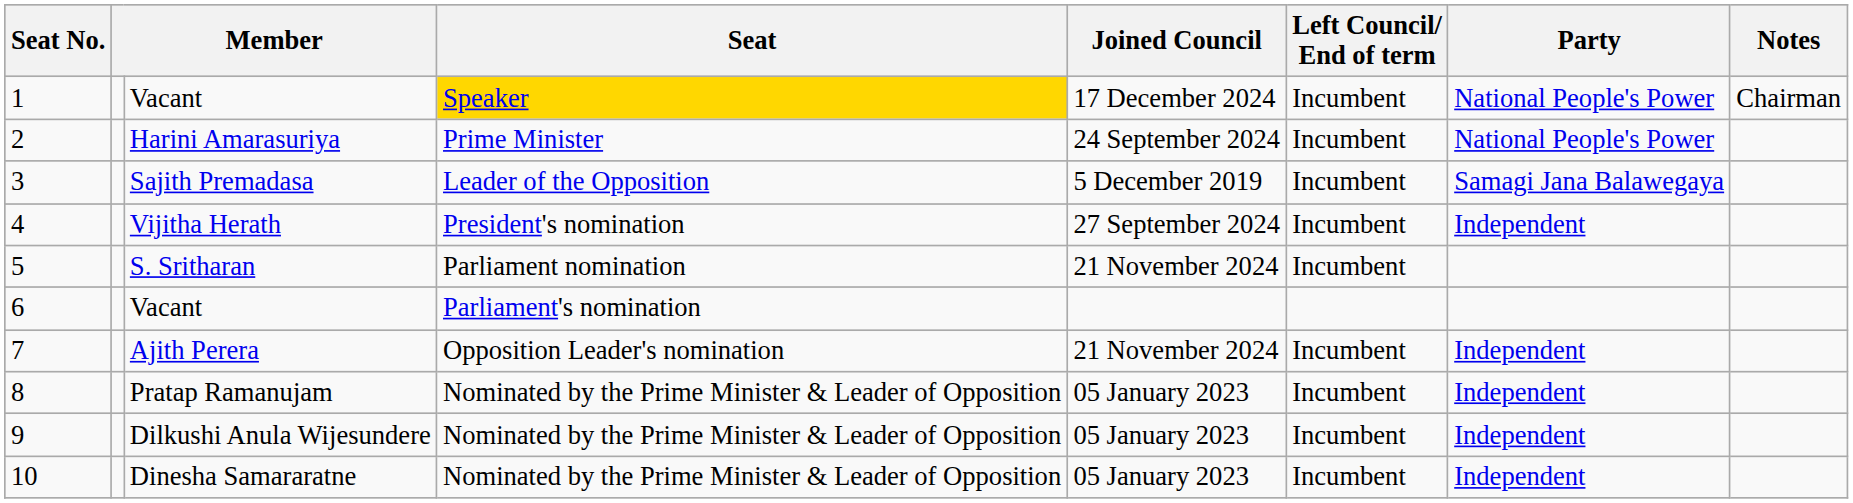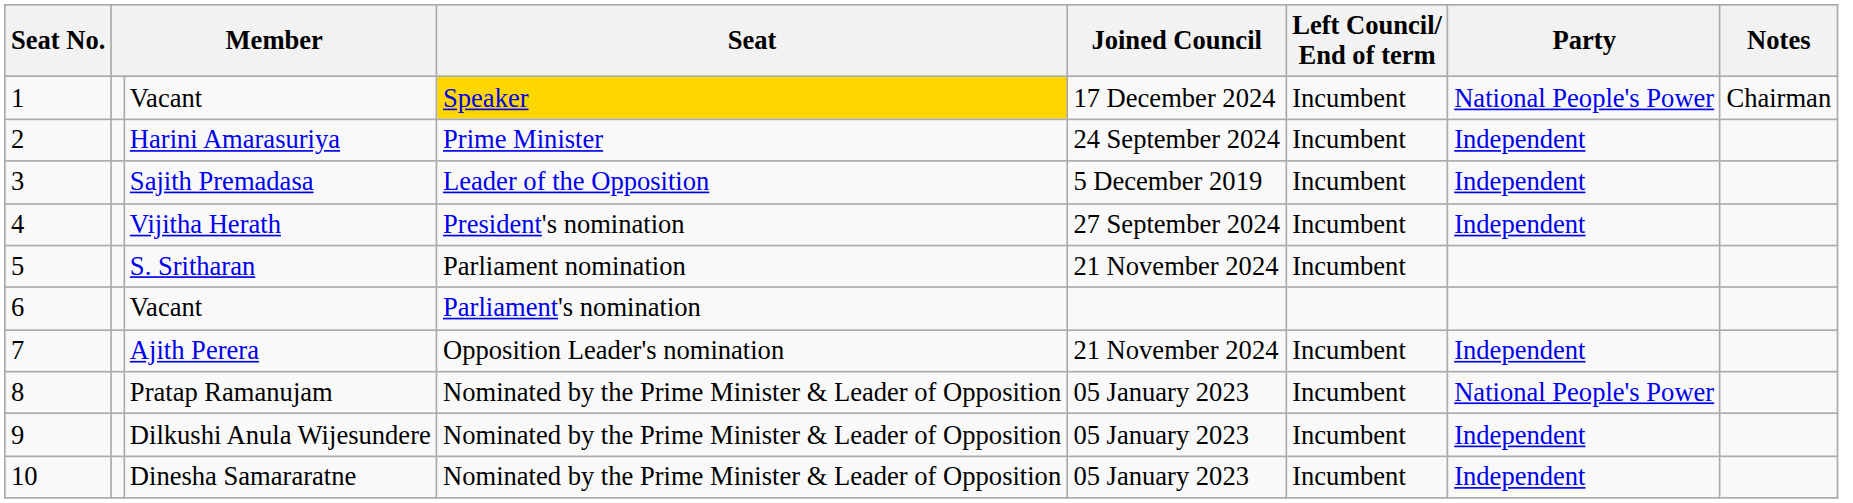 <table class="wikitable sortable">
 <tr>
 <th>Seat No.</th>
 <th colspan=2>Member</th>
 <th>Seat</th>
 <th>Joined Council</th>
 <th>Left Council/<br>End of term</th>
 <th>Party</th>
 <th>Notes</th>
 </tr>
 <tr>
 <td>1</td>
 <td style="background:"></td>
 <td>Vacant</td>
 <td style="background: gold;"><a href='#'>Speaker</a></td>
 <td>17 December 2024</td>
 <td>Incumbent</td>
 <td><a href='#'>National People's Power</a></td>
 <td>Chairman</td>
 </tr>
 <tr>
 <td>2</td>
 <td style="background:"></td>
 <td><a href='#'>Harini Amarasuriya</a></td>
 <td><a href='#'>Prime Minister</a></td>
 <td>24 September 2024</td>
 <td>Incumbent</td>
-<td><a href='#'>National People's Power</a></td>
+<td><a href='#'>Independent</a></td>
 <td></td>
 </tr>
 <tr>
 <td>3</td>
 <td style="background:"></td>
 <td><a href='#'>Sajith Premadasa</a></td>
 <td><a href='#'>Leader of the Opposition</a></td>
 <td>5 December 2019</td>
 <td>Incumbent</td>
-<td><a href='#'>Samagi Jana Balawegaya</a></td>
+<td><a href='#'>Independent</a></td>
 <td></td>
 </tr>
 <tr>
 <td>4</td>
 <td style="background:"></td>
 <td><a href='#'>Vijitha Herath</a></td>
 <td><a href='#'>President</a>'s nomination</td>
 <td>27 September 2024</td>
 <td>Incumbent</td>
 <td><a href='#'>Independent</a></td>
 <td></td>
 </tr>
 <tr>
 <td>5</td>
 <td style="background:"></td>
 <td><a href='#'>S. Sritharan</a></td>
 <td>Parliament nomination</td>
 <td>21 November 2024</td>
 <td>Incumbent</td>
 <td><a href='#'></a></td>
 <td></td>
 </tr>
 <tr>
 <td>6</td>
 <td style="background:"></td>
 <td>Vacant</td>
 <td><a href='#'>Parliament</a>'s nomination</td>
 <td></td>
 <td></td>
 <td></td>
 <td></td>
 </tr>
 <tr>
 <td>7</td>
 <td style="background:"></td>
 <td><a href='#'>Ajith Perera</a></td>
 <td>Opposition Leader's nomination</td>
 <td>21 November 2024</td>
 <td>Incumbent</td>
 <td><a href='#'>Independent</a></td>
 <td></td>
 </tr>
 <tr>
 <td>8</td>
 <td style="background:"></td>
 <td>Pratap Ramanujam</td>
 <td>Nominated by the Prime Minister & Leader of Opposition</td>
 <td>05 January 2023</td>
 <td>Incumbent</td>
-<td><a href='#'>Independent</a></td>
+<td><a href='#'>National People's Power</a></td>
 </tr>
 <tr>
 <td>9</td>
 <td style="background:"></td>
 <td>Dilkushi Anula Wijesundere</td>
 <td>Nominated by the Prime Minister & Leader of Opposition</td>
 <td>05 January 2023</td>
 <td>Incumbent</td>
 <td><a href='#'>Independent</a></td>
 <td></td>
 </tr>
 <tr>
 <td>10</td>
 <td style="background:"></td>
 <td>Dinesha Samararatne</td>
 <td>Nominated by the Prime Minister & Leader of Opposition</td>
 <td>05 January 2023</td>
 <td>Incumbent</td>
 <td><a href='#'>Independent</a></td>
 <td></td>
 </tr>
 </table>
